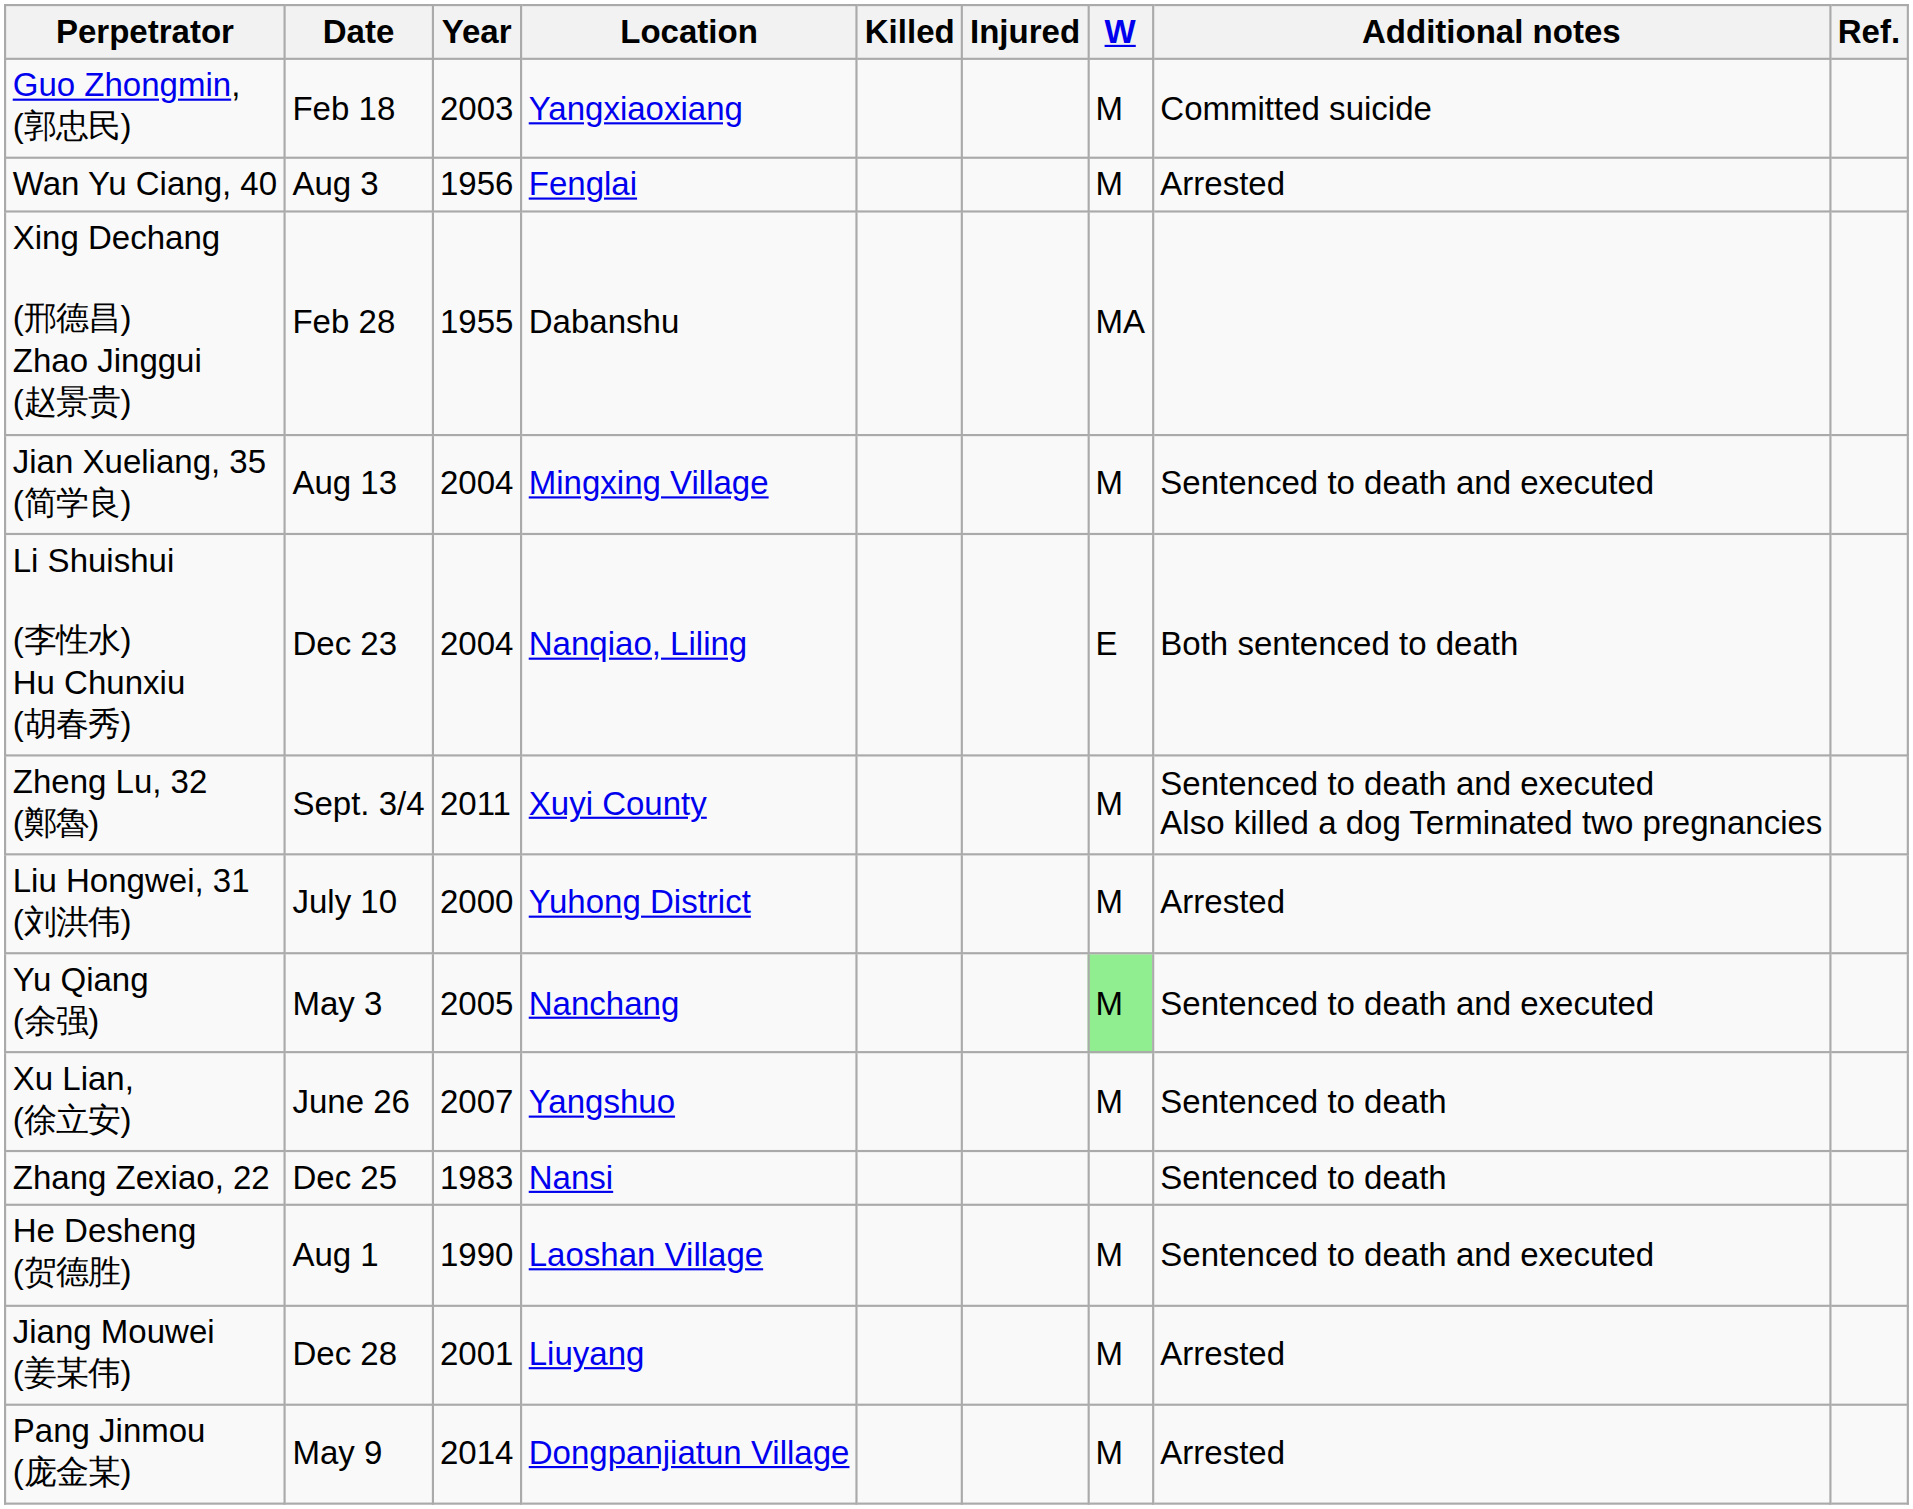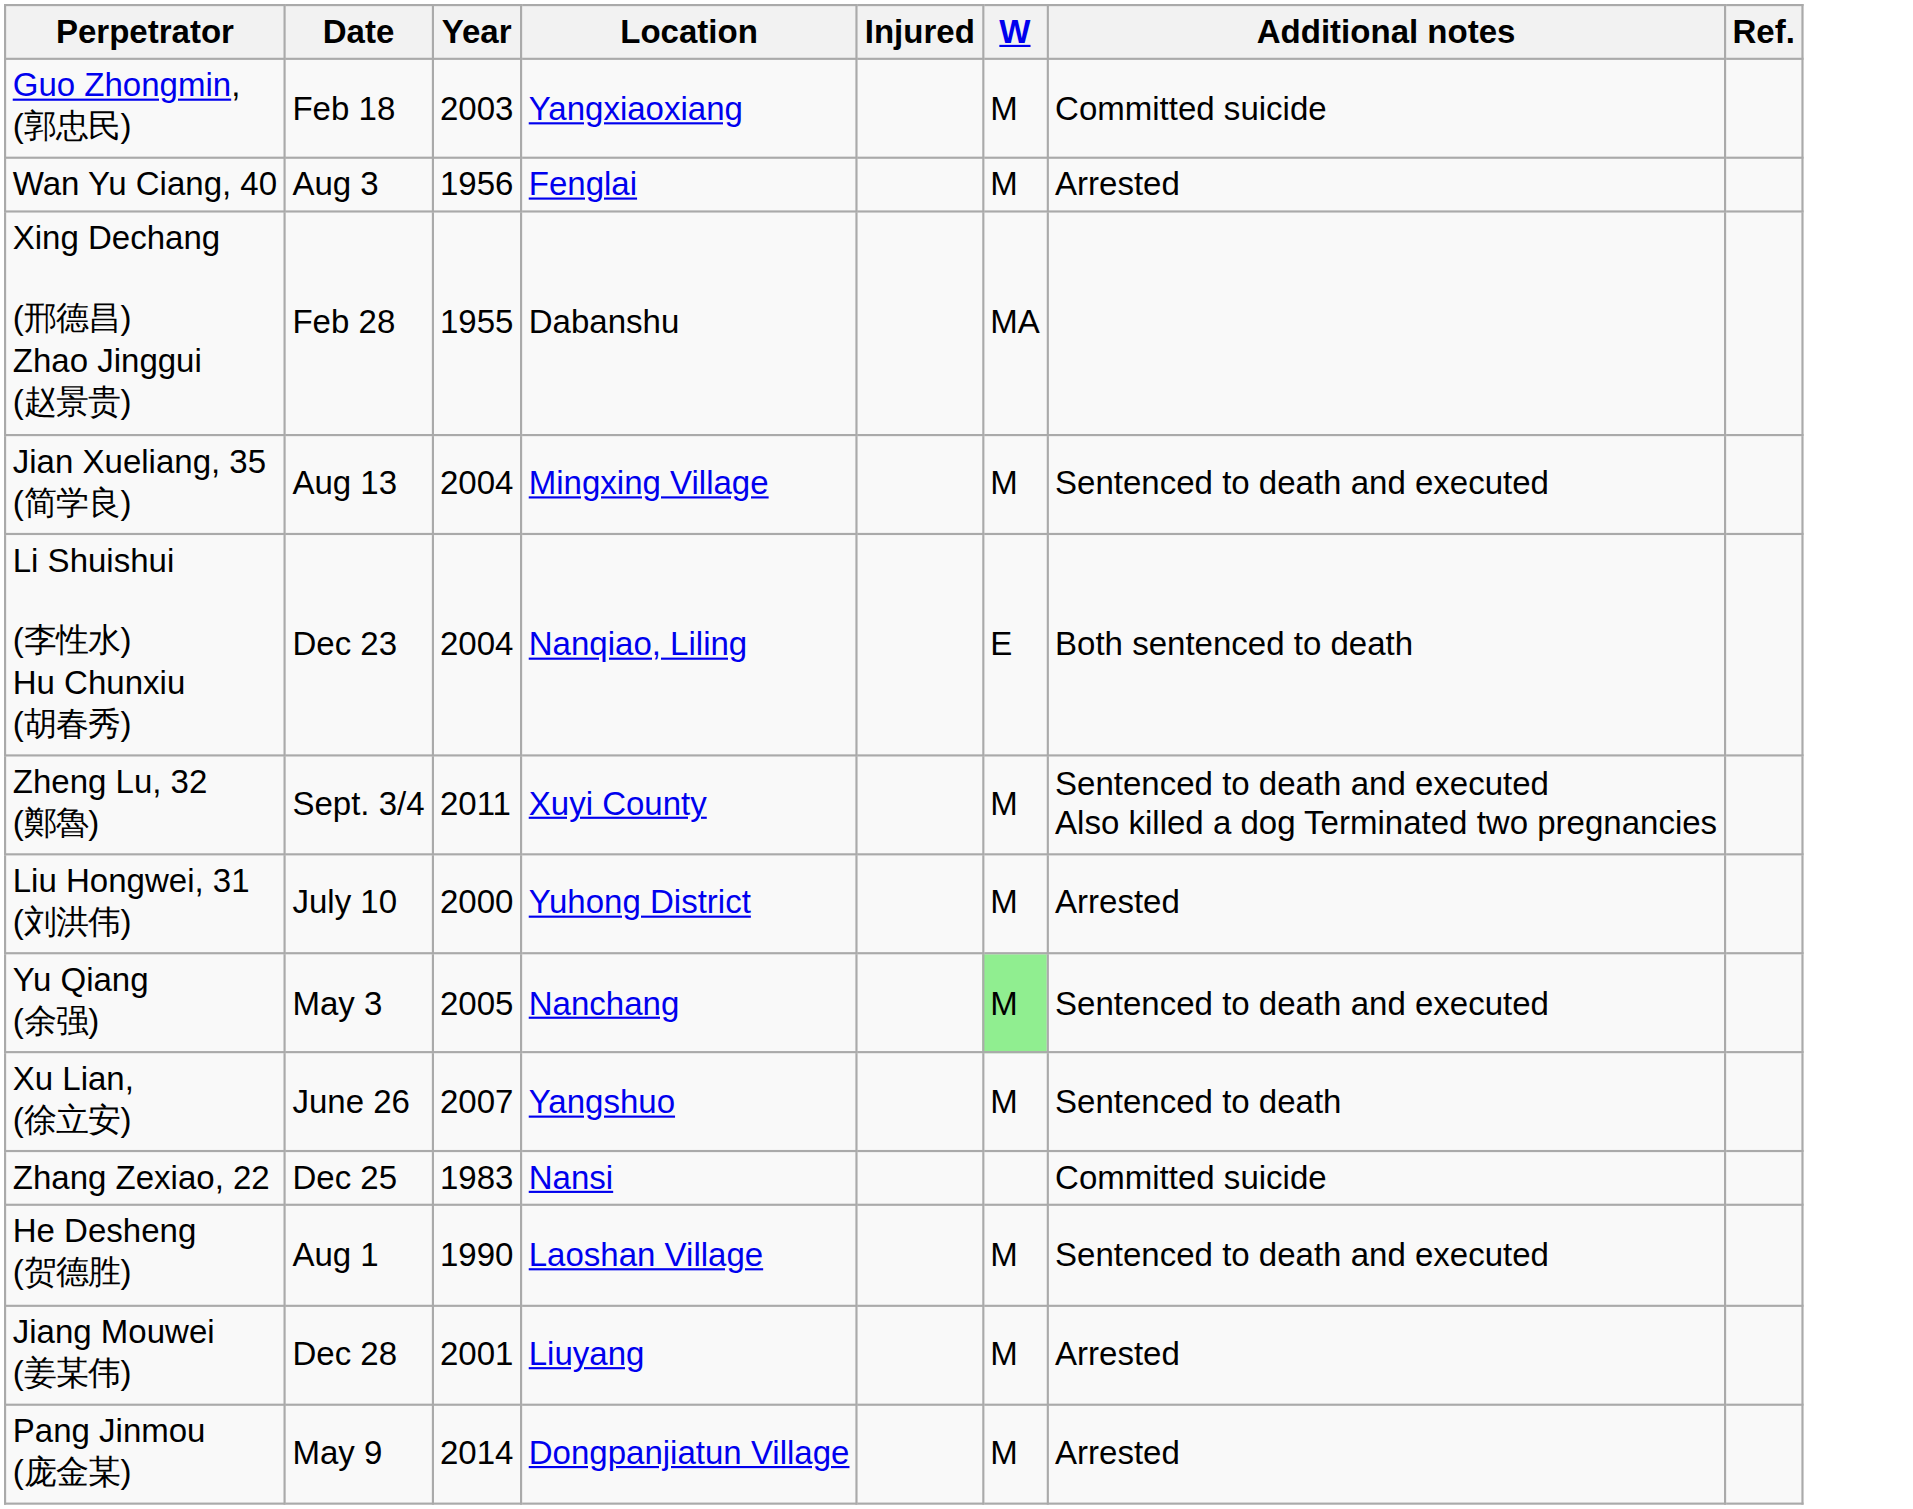 <table class="wikitable sortable" style="font-size:96%;">
 <tr>
 <th>Perpetrator</th>
 <th>Date</th>
 <th>Year</th>
 <th>Location</th>
-<th>Killed</th>
 <th>Injured</th>
 <th><a href='#'>W</a></th>
 <th>Additional notes</th>
 <th>Ref.</th>
 </tr>
 <tr>
 <td><a href='#'>Guo Zhongmin</a>, <br>(郭忠民)</td>
 <td> Feb 18</td>
 <td>2003</td>
 <td><a href='#'>Yangxiaoxiang</a></td>
 <td></td>
-<td></td>
 <td>M</td>
 <td>Committed suicide</td>
 <td> </td>
 </tr>
 <tr>
 <td>Wan Yu Ciang, 40</td>
 <td> Aug 3</td>
 <td>1956</td>
 <td><a href='#'>Fenglai</a></td>
-<td></td>
 <td></td>
 <td>M</td>
 <td>Arrested</td>
 <td> </td>
 </tr>
 <tr>
 <td>Xing Dechang<br><br>(邢德昌)<br> Zhao Jinggui<br> (赵景贵)</td>
 <td> Feb 28</td>
 <td>1955</td>
 <td>Dabanshu</td>
 <td></td>
-<td></td>
 <td>MA</td>
 <td></td>
 <td></td>
 </tr>
 <tr>
 <td>Jian Xueliang, 35<br>(简学良)</td>
 <td> Aug 13</td>
 <td>2004</td>
 <td><a href='#'>Mingxing Village</a></td>
-<td></td>
 <td></td>
 <td>M</td>
 <td>Sentenced to death and executed</td>
 <td> </td>
 </tr>
 <tr>
 <td>Li Shuishui<br><br>(李性水)<br> Hu Chunxiu<br> (胡春秀)</td>
 <td> Dec 23</td>
 <td>2004</td>
 <td><a href='#'>Nanqiao, Liling</a></td>
 <td></td>
-<td></td>
 <td>E</td>
 <td>Both sentenced to death</td>
 <td></td>
 </tr>
 <tr>
 <td>Zheng Lu, 32<br>(鄭魯)</td>
 <td> Sept. 3/4</td>
 <td>2011</td>
 <td><a href='#'>Xuyi County</a></td>
-<td></td>
 <td></td>
 <td>M</td>
 <td>Sentenced to death and executed<br>Also killed a dog Terminated two pregnancies</td>
 <td> </td>
 </tr>
 <tr>
 <td>Liu Hongwei, 31<br>(刘洪伟)</td>
 <td> July 10</td>
 <td>2000</td>
 <td><a href='#'>Yuhong District</a></td>
 <td></td>
-<td></td>
 <td>M</td>
 <td>Arrested</td>
 <td> </td>
 </tr>
 <tr>
 <td>Yu Qiang<br>(余强)</td>
 <td> May 3</td>
 <td>2005</td>
 <td><a href='#'>Nanchang</a></td>
 <td></td>
-<td></td>
 <td style="background: lightgreen;">M</td>
 <td>Sentenced to death and executed</td>
 <td> </td>
 </tr>
 <tr>
 <td>Xu Lian, <br>(徐立安)</td>
 <td> June 26</td>
 <td>2007</td>
 <td><a href='#'>Yangshuo</a></td>
-<td></td>
 <td></td>
 <td>M</td>
 <td>Sentenced to death</td>
 <td> </td>
 </tr>
 <tr>
 <td>Zhang Zexiao, 22</td>
 <td> Dec 25</td>
 <td>1983</td>
 <td><a href='#'>Nansi</a></td>
 <td></td>
 <td></td>
-<td></td>
-<td>Sentenced to death</td>
+<td>Committed suicide</td>
 <td></td>
 </tr>
 <tr>
 <td>He Desheng<br>(贺德胜)</td>
 <td> Aug 1</td>
 <td>1990</td>
 <td><a href='#'>Laoshan Village</a></td>
-<td></td>
 <td></td>
 <td>M</td>
 <td>Sentenced to death and executed</td>
 <td></td>
 </tr>
 <tr>
 <td>Jiang Mouwei<br>(姜某伟)</td>
 <td> Dec 28</td>
 <td>2001</td>
 <td><a href='#'>Liuyang</a></td>
 <td></td>
-<td></td>
 <td>M</td>
 <td>Arrested</td>
 <td></td>
 </tr>
 <tr>
 <td>Pang Jinmou<br>(庞金某)</td>
 <td> May 9</td>
 <td>2014</td>
 <td><a href='#'>Dongpanjiatun Village</a></td>
 <td></td>
-<td></td>
 <td>M</td>
 <td>Arrested</td>
 <td></td>
 </tr>
 </table>
